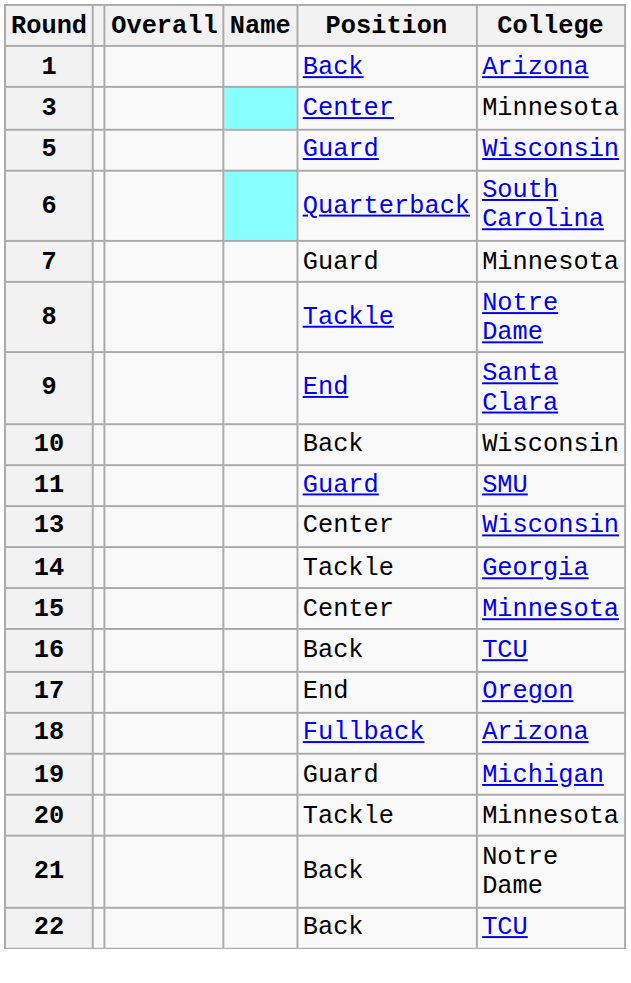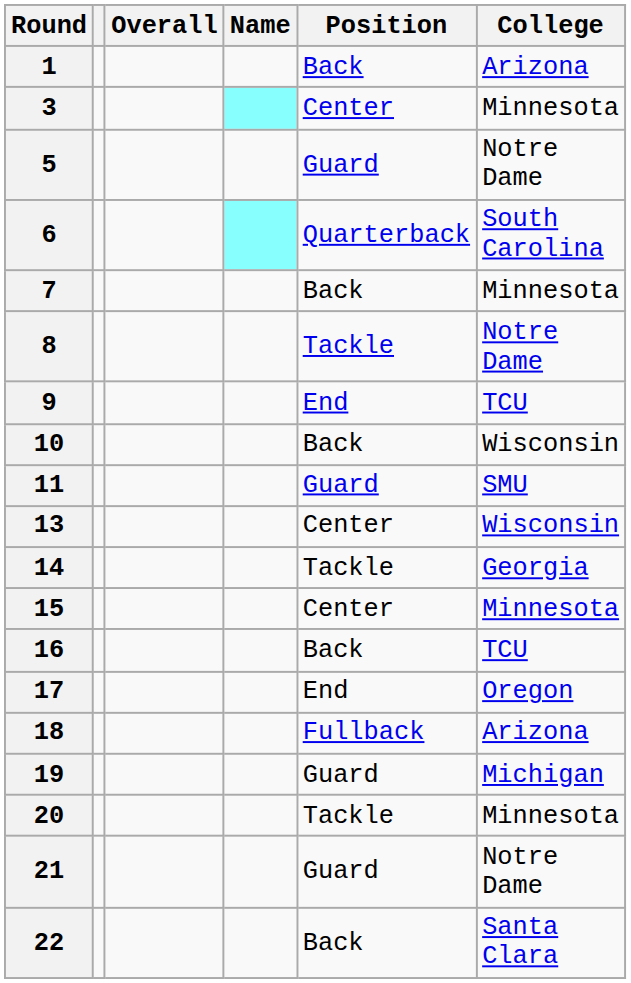 <table class="wikitable sortable" style="width: 50%;">
 <tr>
 <th scope="col" style="width: 10%;">Round</th>
 <th scope="col" style="width: 10%;"></th>
 <th scope="col" style="width: 10%;">Overall</th>
 <th scope="col" style="width: 25%;">Name</th>
 <th scope="col" style="width: 20%;">Position</th>
 <th scope="col" style="width: 25%;">College</th>
 </tr>
 <tr>
 <th scope="row">1</th>
 <td></td>
 <td></td>
 <td></td>
 <td><a href='#'>Back</a></td>
 <td><a href='#'>Arizona</a></td>
 </tr>
 <tr>
 <th scope="row">3</th>
 <td></td>
 <td></td>
 <td style="background:#88FFFF;"> <sup></sup></td>
 <td><a href='#'>Center</a></td>
 <td>Minnesota</td>
 </tr>
 <tr>
 <th scope="row">5</th>
 <td></td>
 <td></td>
 <td></td>
 <td><a href='#'>Guard</a></td>
-<td><a href='#'>Wisconsin</a></td>
+<td>Notre Dame</td>
 </tr>
 <tr>
 <th scope="row">6</th>
 <td></td>
 <td></td>
 <td style="background:#88FFFF;"> <sup></sup></td>
 <td><a href='#'>Quarterback</a></td>
 <td><a href='#'>South Carolina</a></td>
 </tr>
 <tr>
 <th scope="row">7</th>
 <td></td>
 <td></td>
 <td></td>
-<td>Guard</td>
+<td>Back</td>
 <td>Minnesota</td>
 </tr>
 <tr>
 <th scope="row">8</th>
 <td></td>
 <td></td>
 <td></td>
 <td><a href='#'>Tackle</a></td>
 <td><a href='#'>Notre Dame</a></td>
 </tr>
 <tr>
 <th scope="row">9</th>
 <td></td>
 <td></td>
 <td></td>
 <td><a href='#'>End</a></td>
-<td><a href='#'>Santa Clara</a></td>
+<td><a href='#'>TCU</a></td>
 </tr>
 <tr>
 <th scope="row">10</th>
 <td></td>
 <td></td>
 <td></td>
 <td>Back</td>
 <td>Wisconsin</td>
 </tr>
 <tr>
 <th scope="row">11</th>
 <td></td>
 <td></td>
 <td></td>
 <td><a href='#'>Guard</a></td>
 <td><a href='#'>SMU</a></td>
 </tr>
 <tr>
 <th scope="row">13</th>
 <td></td>
 <td></td>
 <td></td>
 <td>Center</td>
 <td><a href='#'>Wisconsin</a></td>
 </tr>
 <tr>
 <th scope="row">14</th>
 <td></td>
 <td></td>
 <td></td>
 <td>Tackle</td>
 <td><a href='#'>Georgia</a></td>
 </tr>
 <tr>
 <th scope="row">15</th>
 <td></td>
 <td></td>
 <td></td>
 <td>Center</td>
 <td><a href='#'>Minnesota</a></td>
 </tr>
 <tr>
 <th scope="row">16</th>
 <td></td>
 <td></td>
 <td></td>
 <td>Back</td>
 <td><a href='#'>TCU</a></td>
 </tr>
 <tr>
 <th scope="row">17</th>
 <td></td>
 <td></td>
 <td></td>
 <td>End</td>
 <td><a href='#'>Oregon</a></td>
 </tr>
 <tr>
 <th scope="row">18</th>
 <td></td>
 <td></td>
 <td></td>
 <td><a href='#'>Fullback</a></td>
 <td><a href='#'>Arizona</a></td>
 </tr>
 <tr>
 <th scope="row">19</th>
 <td></td>
 <td></td>
 <td></td>
 <td>Guard</td>
 <td><a href='#'>Michigan</a></td>
 </tr>
 <tr>
 <th scope="row">20</th>
 <td></td>
 <td></td>
 <td></td>
 <td>Tackle</td>
 <td>Minnesota</td>
 </tr>
 <tr>
 <th scope="row">21</th>
 <td></td>
 <td></td>
 <td></td>
-<td>Back</td>
+<td>Guard</td>
 <td>Notre Dame</td>
 </tr>
 <tr>
 <th scope="row">22</th>
 <td></td>
 <td></td>
 <td></td>
 <td>Back</td>
-<td><a href='#'>TCU</a></td>
+<td><a href='#'>Santa Clara</a></td>
 </tr>
 </table>
